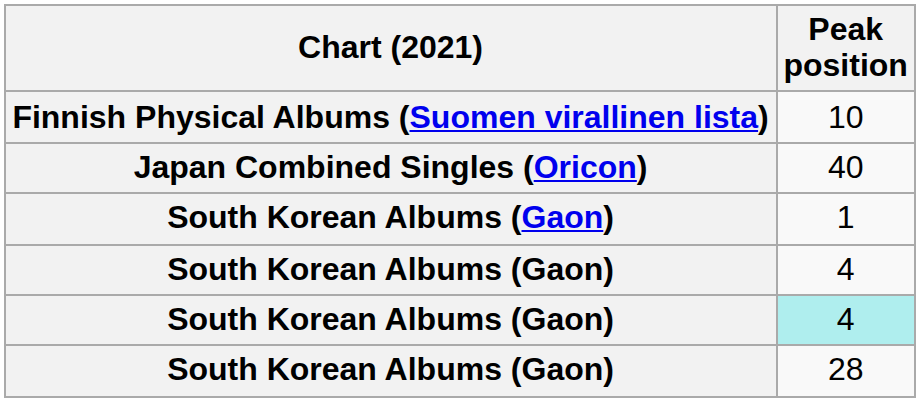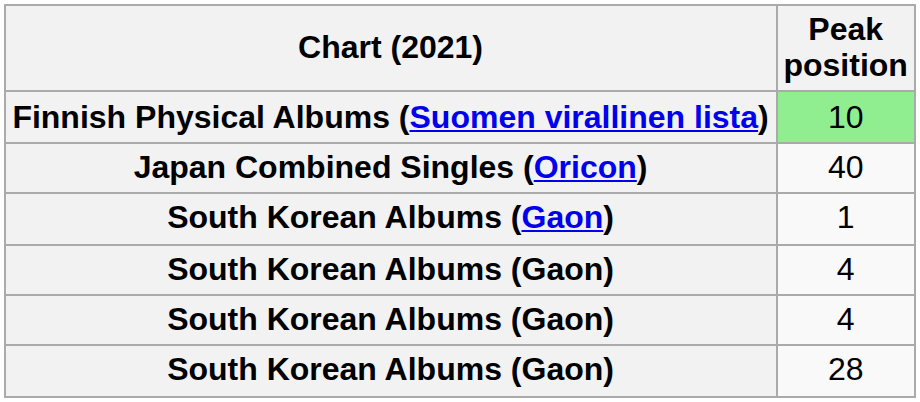 <table class="wikitable sortable plainrowheaders" style="text-align:center">
 <tr>
 <th scope="col">Chart (2021)</th>
 <th scope="col">Peak<br>position</th>
 </tr>
 <tr>
 </tr>
 <tr>
 <th scope="row">Finnish Physical Albums (<a href='#'>Suomen virallinen lista</a>)</th>
-<td>10</td>
+<td style="background: lightgreen;">10</td>
 </tr>
 <tr>
 <th scope="row">Japan Combined Singles (<a href='#'>Oricon</a>)</th>
 <td>40</td>
 </tr>
 <tr>
 <th scope="row">South Korean Albums (<a href='#'>Gaon</a>)</th>
 <td>1</td>
 </tr>
 <tr>
 <th scope="row">South Korean Albums (Gaon)<br></th>
 <td>4</td>
 </tr>
 <tr>
 <th scope="row">South Korean Albums (Gaon)<br></th>
-<td style="background: paleturquoise;">4</td>
+<td>4</td>
 </tr>
 <tr>
 <th scope="row">South Korean Albums (Gaon)<br></th>
 <td>28</td>
 </tr>
 </table>
